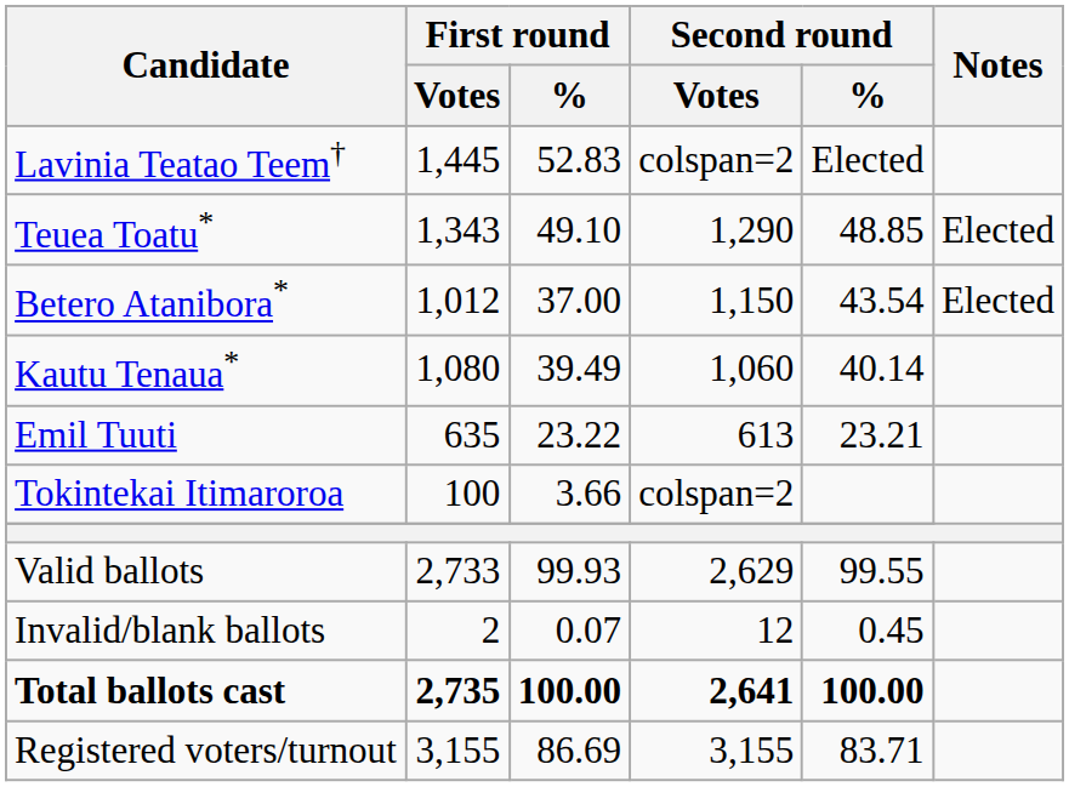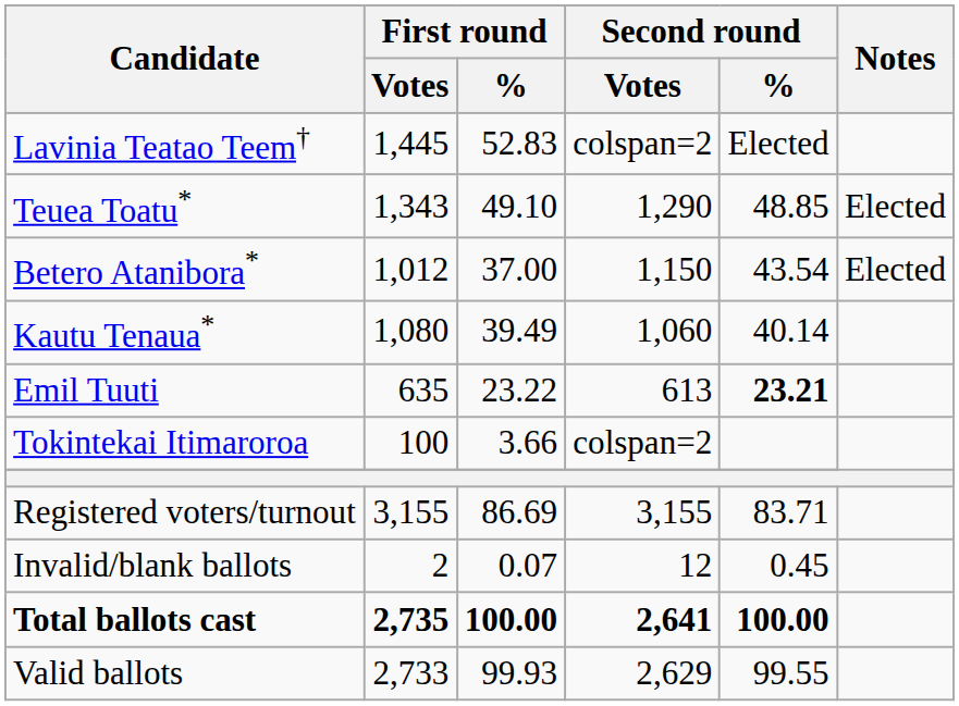 <table class=wikitable style=text-align:right>
 <tr>
 <th rowspan=2>Candidate</th>
 <th colspan=2>First round</th>
 <th colspan=2>Second round</th>
 <th rowspan=2>Notes</th>
 </tr>
 <tr>
 <th>Votes</th>
 <th>%</th>
 <th>Votes</th>
 <th>%</th>
 </tr>
 <tr>
 <td align=left><a href='#'>Lavinia Teatao Teem</a><sup>†</sup></td>
 <td>1,445</td>
 <td>52.83</td>
 <td>colspan=2 </td>
 <td>Elected</td>
 </tr>
 <tr>
 <td align=left><a href='#'>Teuea Toatu</a><sup>*</sup></td>
 <td>1,343</td>
 <td>49.10</td>
 <td>1,290</td>
 <td>48.85</td>
 <td>Elected</td>
 </tr>
 <tr>
 <td align=left><a href='#'>Betero Atanibora</a><sup>*</sup></td>
 <td>1,012</td>
 <td>37.00</td>
 <td>1,150</td>
 <td>43.54</td>
 <td>Elected</td>
 </tr>
 <tr>
 <td align=left><a href='#'>Kautu Tenaua</a><sup>*</sup></td>
 <td>1,080</td>
 <td>39.49</td>
 <td>1,060</td>
 <td>40.14</td>
 <td></td>
 </tr>
 <tr>
 <td align=left><a href='#'>Emil Tuuti</a></td>
 <td>635</td>
 <td>23.22</td>
 <td>613</td>
-<td>23.21</td>
+<td><strong>23.21</strong></td>
 <td></td>
 </tr>
 <tr>
 <td align=left><a href='#'>Tokintekai Itimaroroa</a></td>
 <td>100</td>
 <td>3.66</td>
 <td>colspan=2 </td>
 <td></td>
 </tr>
 <tr>
 </tr>
 <tr>
 <th colspan=6></th>
 </tr>
 <tr>
-<td align=left>Valid ballots</td>
-<td>2,733</td>
-<td>99.93</td>
-<td>2,629</td>
-<td>99.55</td>
+<td align=left>Registered voters/turnout</td>
+<td>3,155</td>
+<td>86.69</td>
+<td>3,155</td>
+<td>83.71</td>
 <td></td>
 </tr>
 <tr>
 <td align=left>Invalid/blank ballots</td>
 <td>2</td>
 <td>0.07</td>
 <td>12</td>
 <td>0.45</td>
 <td></td>
 </tr>
 <tr style="font-weight:bold">
 <td align=left>Total ballots cast</td>
 <td>2,735</td>
 <td>100.00</td>
 <td>2,641</td>
 <td>100.00</td>
 <td></td>
 </tr>
 <tr>
-<td align=left>Registered voters/turnout</td>
-<td>3,155</td>
-<td>86.69</td>
-<td>3,155</td>
-<td>83.71</td>
+<td align=left>Valid ballots</td>
+<td>2,733</td>
+<td>99.93</td>
+<td>2,629</td>
+<td>99.55</td>
 <td></td>
 </tr>
 </table>
